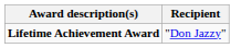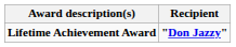 <table class="wikitable">
 <tr>
 <th>Award description(s)</th>
 <th>Recipient</th>
 </tr>
 <tr>
 <td><strong>Lifetime Achievement Award</strong></td>
-<td>"<a href='#'>Don Jazzy</a>"</td>
+<td><strong>"<a href='#'>Don Jazzy</a>"</strong></td>
 </tr>
 </table>
